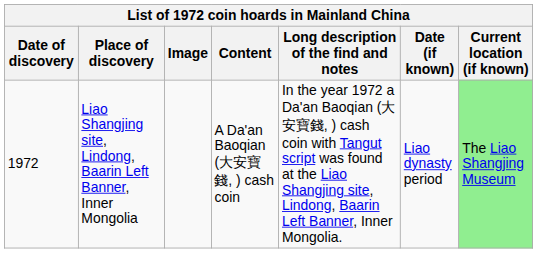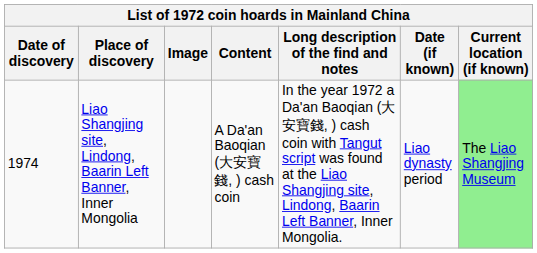 <table class="wikitable" style="font-size: 100%">
 <tr>
 <th colspan=7>List of 1972 coin hoards in Mainland China</th>
 </tr>
 <tr>
 <th>Date of discovery</th>
 <th>Place of discovery</th>
 <th>Image</th>
 <th>Content</th>
 <th>Long description of the find and notes</th>
 <th>Date<br>(if known)</th>
 <th>Current location<br>(if known)</th>
 </tr>
 <tr>
-<td>1972</td>
+<td>1974</td>
 <td><a href='#'>Liao Shangjing site</a>, <a href='#'>Lindong</a>, <a href='#'>Baarin Left Banner</a>, Inner Mongolia</td>
 <td></td>
 <td>A Da'an Baoqian (大安寶錢, ) cash coin</td>
 <td>In the year 1972 a Da'an Baoqian (大安寶錢, ) cash coin with <a href='#'>Tangut script</a> was found at the <a href='#'>Liao Shangjing site</a>, <a href='#'>Lindong</a>, <a href='#'>Baarin Left Banner</a>, Inner Mongolia.</td>
 <td><a href='#'>Liao dynasty</a> period</td>
 <td style="background: lightgreen;">The <a href='#'>Liao Shangjing Museum</a></td>
 </tr>
 </table>
